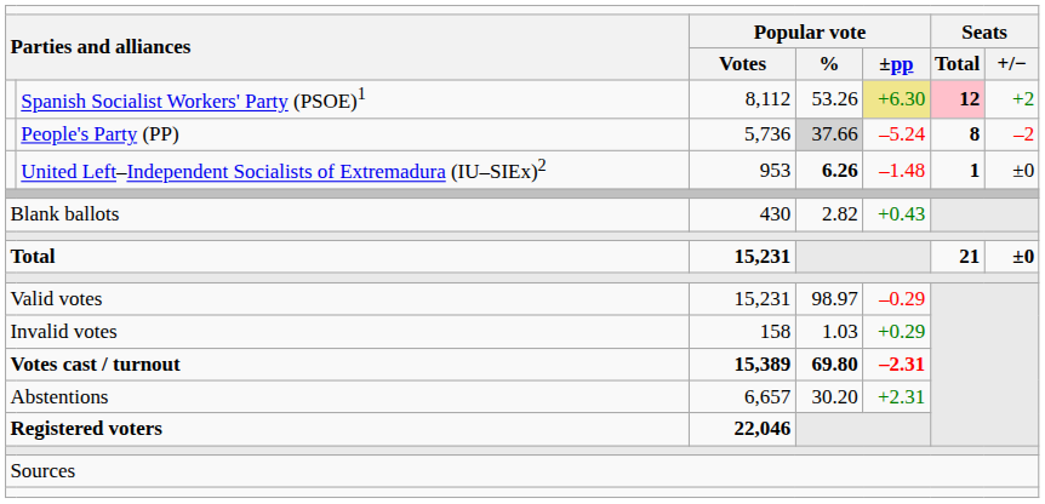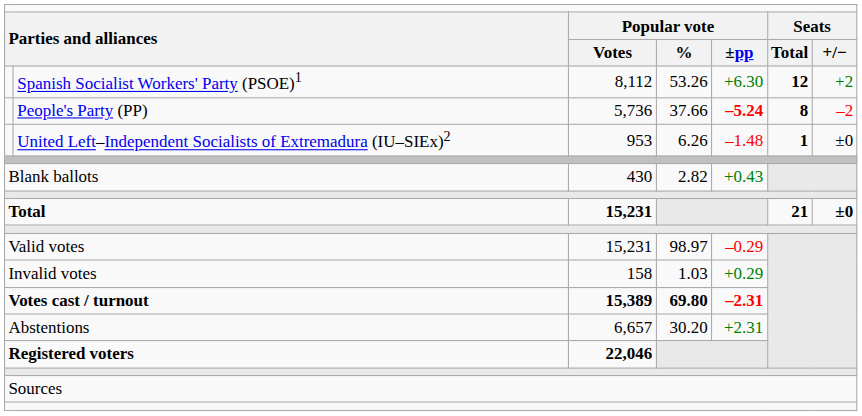 <table class="wikitable" style="text-align:right;">
 <tr>
 <td colspan="7"></td>
 </tr>
 <tr>
 <th style="text-align:left;" rowspan="2" colspan="2" width="525">Parties and alliances</th>
 <th colspan="3">Popular vote</th>
 <th colspan="2">Seats</th>
 </tr>
 <tr>
 <th width="75">Votes</th>
 <th width="45">%</th>
 <th width="45">±<a href='#'>pp</a></th>
 <th width="35">Total</th>
 <th width="35">+/−</th>
 </tr>
 <tr>
 <td width="1" style="color:inherit;background:"></td>
 <td align="left"><a href='#'>Spanish Socialist Workers' Party</a> (PSOE)<sup>1</sup></td>
 <td>8,112</td>
 <td>53.26</td>
-<td style="background: khaki; color:green;">+6.30</td>
-<td style="background: pink;"><strong>12</strong></td>
+<td style="color:green;">+6.30</td>
+<td><strong>12</strong></td>
 <td style="color:green;">+2</td>
 </tr>
 <tr>
 <td style="color:inherit;background:"></td>
 <td align="left"><a href='#'>People's Party</a> (PP)</td>
 <td>5,736</td>
-<td style="background: lightgrey;">37.66</td>
-<td style="color:red;">–5.24</td>
+<td>37.66</td>
+<td style="color:red;"><strong>–5.24</strong></td>
 <td><strong>8</strong></td>
 <td style="color:red;">–2</td>
 </tr>
 <tr>
 <td style="color:inherit;background:"></td>
 <td align="left"><a href='#'>United Left</a>–<a href='#'>Independent Socialists of Extremadura</a> (IU–SIEx)<sup>2</sup></td>
 <td>953</td>
-<td><strong>6.26</strong></td>
+<td>6.26</td>
 <td style="color:red;">–1.48</td>
 <td><strong>1</strong></td>
 <td>±0</td>
 </tr>
 <tr>
 <td colspan="7" bgcolor="#C0C0C0"></td>
 </tr>
 <tr>
 <td align="left" colspan="2">Blank ballots</td>
 <td>430</td>
 <td>2.82</td>
 <td style="color:green;">+0.43</td>
 <td bgcolor="#E9E9E9" colspan="2"></td>
 </tr>
 <tr>
 <td colspan="7" bgcolor="#E9E9E9"></td>
 </tr>
 <tr style="font-weight:bold;">
 <td align="left" colspan="2">Total</td>
 <td>15,231</td>
 <td bgcolor="#E9E9E9" colspan="2"></td>
 <td>21</td>
 <td>±0</td>
 </tr>
 <tr>
 <td colspan="7" bgcolor="#E9E9E9"></td>
 </tr>
 <tr>
 <td align="left" colspan="2">Valid votes</td>
 <td>15,231</td>
 <td>98.97</td>
 <td style="color:red;">–0.29</td>
 <td bgcolor="#E9E9E9" colspan="2" rowspan="5"></td>
 </tr>
 <tr>
 <td align="left" colspan="2">Invalid votes</td>
 <td>158</td>
 <td>1.03</td>
 <td style="color:green;">+0.29</td>
 </tr>
 <tr style="font-weight:bold;">
 <td align="left" colspan="2">Votes cast / turnout</td>
 <td>15,389</td>
 <td>69.80</td>
 <td style="color:red;">–2.31</td>
 </tr>
 <tr>
 <td align="left" colspan="2">Abstentions</td>
 <td>6,657</td>
 <td>30.20</td>
 <td style="color:green;">+2.31</td>
 </tr>
 <tr style="font-weight:bold;">
 <td align="left" colspan="2">Registered voters</td>
 <td>22,046</td>
 <td bgcolor="#E9E9E9" colspan="2"></td>
 </tr>
 <tr>
 <td colspan="7" bgcolor="#E9E9E9"></td>
 </tr>
 <tr>
 <td align="left" colspan="7">Sources</td>
 </tr>
 <tr>
 <td colspan="7" style="text-align:left; max-width:790px;"></td>
 </tr>
 </table>
